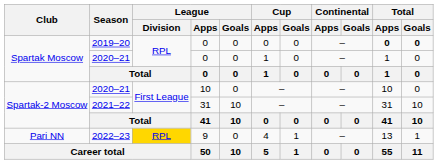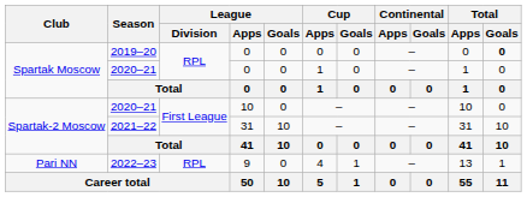 <table class="wikitable" style="text-align: center;">
 <tr>
 <th rowspan=2>Club</th>
 <th rowspan=2>Season</th>
 <th colspan=3>League</th>
 <th colspan=2>Cup</th>
 <th colspan=2>Continental</th>
 <th colspan=2>Total</th>
 </tr>
 <tr>
 <th>Division</th>
 <th>Apps</th>
 <th>Goals</th>
 <th>Apps</th>
 <th>Goals</th>
 <th>Apps</th>
 <th>Goals</th>
 <th>Apps</th>
 <th>Goals</th>
 </tr>
 <tr>
 <td rowspan="3"><a href='#'>Spartak Moscow</a></td>
 <td><a href='#'>2019–20</a></td>
 <td rowspan="2"><a href='#'>RPL</a></td>
 <td>0</td>
 <td>0</td>
 <td>0</td>
 <td>0</td>
 <td colspan=2>–</td>
-<td><strong>0</strong></td>
+<td>0</td>
 <td><strong>0</strong></td>
 </tr>
 <tr>
 <td><a href='#'>2020–21</a></td>
 <td>0</td>
 <td>0</td>
 <td>1</td>
 <td>0</td>
 <td colspan=2>–</td>
 <td>1</td>
 <td>0</td>
 </tr>
 <tr>
 <th colspan=2>Total</th>
 <th>0</th>
 <th>0</th>
 <th>1</th>
 <th>0</th>
 <th>0</th>
 <th>0</th>
 <th>1</th>
 <th>0</th>
 </tr>
 <tr>
 <td rowspan="3"><a href='#'>Spartak-2 Moscow</a></td>
 <td><a href='#'>2020–21</a></td>
 <td rowspan="2"><a href='#'>First League</a></td>
 <td>10</td>
 <td>0</td>
 <td colspan=2>–</td>
 <td colspan=2>–</td>
 <td>10</td>
 <td>0</td>
 </tr>
 <tr>
 <td><a href='#'>2021–22</a></td>
 <td>31</td>
 <td>10</td>
 <td colspan=2>–</td>
 <td colspan=2>–</td>
 <td>31</td>
 <td>10</td>
 </tr>
 <tr>
 <th colspan=2>Total</th>
 <th>41</th>
 <th>10</th>
 <th>0</th>
 <th>0</th>
 <th>0</th>
 <th>0</th>
 <th>41</th>
 <th>10</th>
 </tr>
 <tr>
 <td><a href='#'>Pari NN</a></td>
 <td><a href='#'>2022–23</a></td>
-<td style="background: gold;"><a href='#'>RPL</a></td>
+<td><a href='#'>RPL</a></td>
 <td>9</td>
 <td>0</td>
 <td>4</td>
 <td>1</td>
 <td colspan=2>–</td>
 <td>13</td>
 <td>1</td>
 </tr>
 <tr>
 <th colspan=3>Career total</th>
 <th>50</th>
 <th>10</th>
 <th>5</th>
 <th>1</th>
 <th>0</th>
 <th>0</th>
 <th>55</th>
 <th>11</th>
 </tr>
 </table>
